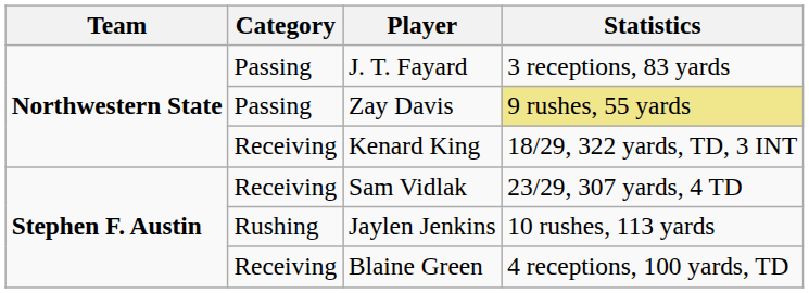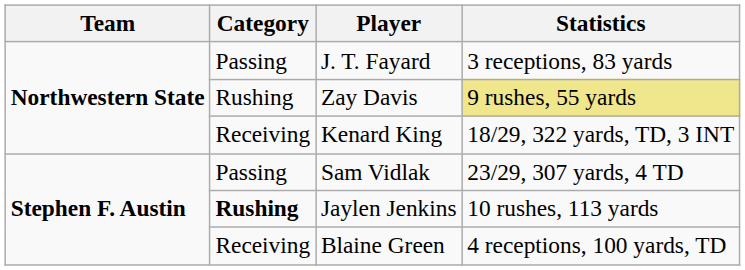 <table class="wikitable" style="float: right;">
 <tr>
 <th>Team</th>
 <th>Category</th>
 <th>Player</th>
 <th>Statistics</th>
 </tr>
 <tr>
 <td rowspan=3><strong>Northwestern State</strong></td>
 <td>Passing</td>
 <td>J. T. Fayard</td>
 <td>3 receptions, 83 yards</td>
 </tr>
 <tr>
-<td>Passing</td>
+<td>Rushing</td>
 <td>Zay Davis</td>
 <td style="background: khaki;">9 rushes, 55 yards</td>
 </tr>
 <tr>
 <td>Receiving</td>
 <td>Kenard King</td>
 <td>18/29, 322 yards, TD, 3 INT</td>
 </tr>
 <tr>
 <td rowspan=3><strong>Stephen F. Austin</strong></td>
-<td>Receiving</td>
+<td>Passing</td>
 <td>Sam Vidlak</td>
 <td>23/29, 307 yards, 4 TD</td>
 </tr>
 <tr>
-<td>Rushing</td>
+<td><strong>Rushing</strong></td>
 <td>Jaylen Jenkins</td>
 <td>10 rushes, 113 yards</td>
 </tr>
 <tr>
 <td>Receiving</td>
 <td>Blaine Green</td>
 <td>4 receptions, 100 yards, TD</td>
 </tr>
 </table>
